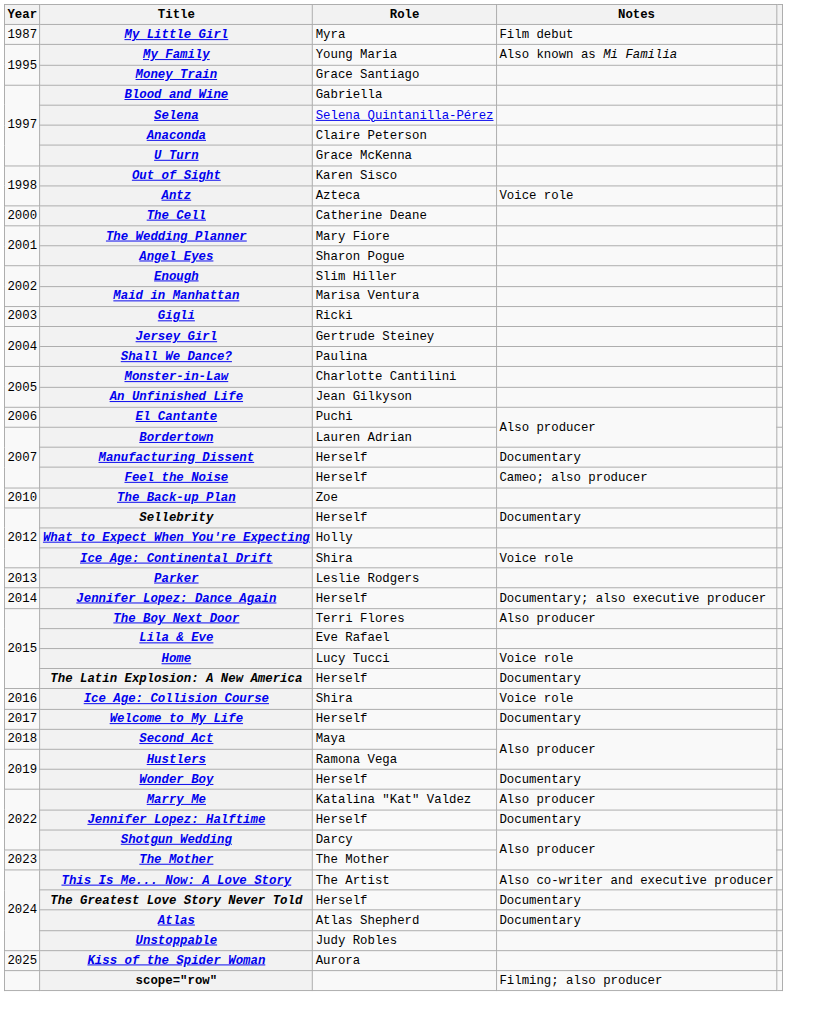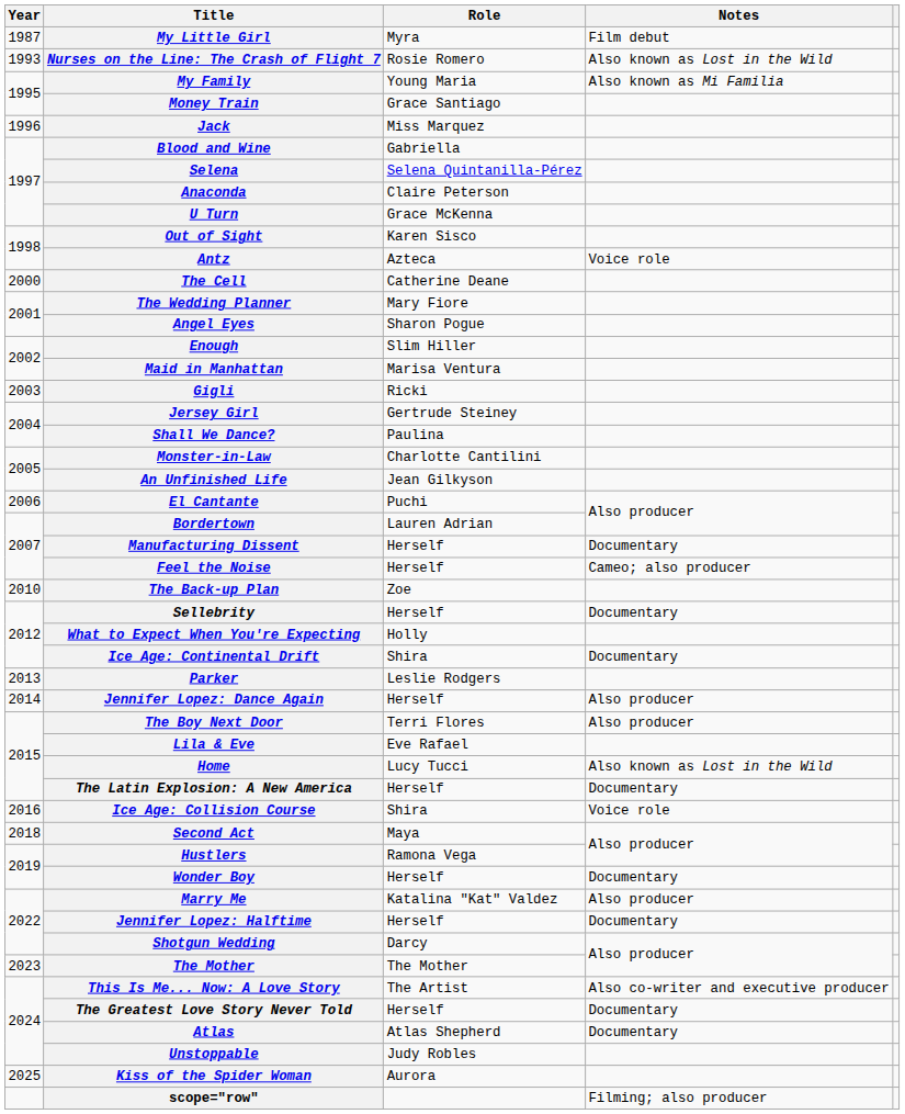 <table class="wikitable plainrowheaders sortable" style="margin-right: 0;">
 <tr>
 <th scope="col">Year</th>
 <th scope="col">Title</th>
 <th scope="col">Role</th>
 <th scope="col" class="unsortable">Notes</th>
 <th scope="col" class="unsortable"></th>
 </tr>
 <tr>
 <td>1987</td>
 <th scope="row"><em><a href='#'>My Little Girl</a></em></th>
 <td>Myra</td>
 <td>Film debut</td>
 <td></td>
 </tr>
 <tr>
+<td>1993</td>
+<th scope="row"><em><a href='#'>Nurses on the Line: The Crash of Flight 7</a></em></th>
+<td>Rosie Romero</td>
+<td>Also known as <em>Lost in the Wild</em></td>
+<td style="text-align: center;"></td>
+</tr>
+<tr>
 <td rowspan=2>1995</td>
 <th scope="row"><em><a href='#'>My Family</a></em></th>
 <td>Young Maria</td>
 <td>Also known as <em>Mi Familia</em></td>
 <td style="text-align: center;"></td>
 </tr>
 <tr>
 <th scope="row"><em><a href='#'>Money Train</a></em></th>
 <td>Grace Santiago</td>
+<td></td>
+<td style="text-align: center;"></td>
+</tr>
+<tr>
+<td>1996</td>
+<th scope="row"><em><a href='#'>Jack</a></em></th>
+<td>Miss Marquez</td>
 <td></td>
 <td style="text-align: center;"></td>
 </tr>
 <tr>
 <td rowspan=4>1997</td>
 <th scope="row"><em><a href='#'>Blood and Wine</a></em></th>
 <td>Gabriella</td>
 <td></td>
 <td style="text-align: center;"></td>
 </tr>
 <tr>
 <th scope="row"><em><a href='#'>Selena</a></em></th>
 <td><a href='#'>Selena Quintanilla-Pérez</a></td>
 <td></td>
 <td style="text-align: center;"></td>
 </tr>
 <tr>
 <th scope="row"><em><a href='#'>Anaconda</a></em></th>
 <td>Claire Peterson</td>
 <td></td>
 <td style="text-align: center;"></td>
 </tr>
 <tr>
 <th scope="row"><em><a href='#'>U Turn</a></em></th>
 <td>Grace McKenna</td>
 <td></td>
 <td style="text-align: center;"></td>
 </tr>
 <tr>
 <td rowspan=2>1998</td>
 <th scope="row"><em><a href='#'>Out of Sight</a></em></th>
 <td>Karen Sisco</td>
 <td></td>
 <td style="text-align: center;"></td>
 </tr>
 <tr>
 <th scope="row"><em><a href='#'>Antz</a></em></th>
 <td>Azteca</td>
 <td>Voice role</td>
 <td style="text-align: center;"></td>
 </tr>
 <tr>
 <td>2000</td>
 <th scope="row"><em><a href='#'>The Cell</a></em></th>
 <td>Catherine Deane</td>
 <td></td>
 <td style="text-align: center;"></td>
 </tr>
 <tr>
 <td rowspan=2>2001</td>
 <th scope="row"><em><a href='#'>The Wedding Planner</a></em></th>
 <td>Mary Fiore</td>
 <td></td>
 <td style="text-align: center;"></td>
 </tr>
 <tr>
 <th scope="row"><em><a href='#'>Angel Eyes</a></em></th>
 <td>Sharon Pogue</td>
 <td></td>
 <td style="text-align: center;"></td>
 </tr>
 <tr>
 <td rowspan=2>2002</td>
 <th scope="row"><em><a href='#'>Enough</a></em></th>
 <td>Slim Hiller</td>
 <td></td>
 <td style="text-align: center;"></td>
 </tr>
 <tr>
 <th scope="row"><em><a href='#'>Maid in Manhattan</a></em></th>
 <td>Marisa Ventura</td>
 <td></td>
 <td style="text-align: center;"></td>
 </tr>
 <tr>
 <td>2003</td>
 <th scope="row"><em><a href='#'>Gigli</a></em></th>
 <td>Ricki</td>
 <td></td>
 <td style="text-align: center;"></td>
 </tr>
 <tr>
 <td rowspan=2>2004</td>
 <th scope="row"><em><a href='#'>Jersey Girl</a></em></th>
 <td>Gertrude Steiney</td>
 <td></td>
 <td style="text-align: center;"></td>
 </tr>
 <tr>
 <th scope="row"><em><a href='#'>Shall We Dance?</a></em></th>
 <td>Paulina</td>
 <td></td>
 <td style="text-align: center;"></td>
 </tr>
 <tr>
 <td rowspan=2>2005</td>
 <th scope="row"><em><a href='#'>Monster-in-Law</a></em></th>
 <td>Charlotte Cantilini</td>
 <td></td>
 <td style="text-align: center;"></td>
 </tr>
 <tr>
 <th scope="row"><em><a href='#'>An Unfinished Life</a></em></th>
 <td>Jean Gilkyson</td>
 <td></td>
 <td style="text-align: center;"></td>
 </tr>
 <tr>
 <td>2006</td>
 <th scope="row"><em><a href='#'>El Cantante</a></em></th>
 <td>Puchi</td>
 <td rowspan="2">Also producer</td>
 <td style="text-align: center;"></td>
 </tr>
 <tr>
 <td rowspan=3>2007</td>
 <th scope="row"><em><a href='#'>Bordertown</a></em></th>
 <td>Lauren Adrian</td>
 <td style="text-align: center;"></td>
 </tr>
 <tr>
 <th scope="row"><em><a href='#'>Manufacturing Dissent</a></em></th>
 <td>Herself</td>
 <td>Documentary</td>
 <td style="text-align: center;"></td>
 </tr>
 <tr>
 <th scope="row"><em><a href='#'>Feel the Noise</a></em></th>
 <td>Herself</td>
 <td>Cameo; also producer</td>
 <td style="text-align: center;"></td>
 </tr>
 <tr>
 <td>2010</td>
 <th scope="row"><em><a href='#'>The Back-up Plan</a></em></th>
 <td>Zoe</td>
 <td></td>
 <td style="text-align: center;"></td>
 </tr>
 <tr>
 <td rowspan=3>2012</td>
 <th scope="row"><em>Sellebrity</em></th>
 <td>Herself</td>
 <td>Documentary</td>
 <td style="text-align: center;"></td>
 </tr>
 <tr>
 <th scope="row"><em><a href='#'>What to Expect When You're Expecting</a></em></th>
 <td>Holly</td>
 <td></td>
 <td style="text-align: center;"></td>
 </tr>
 <tr>
 <th scope="row"><em><a href='#'>Ice Age: Continental Drift</a></em></th>
 <td>Shira</td>
-<td>Voice role</td>
+<td>Documentary</td>
 <td style="text-align: center;"></td>
 </tr>
 <tr>
 <td>2013</td>
 <th scope="row"><em><a href='#'>Parker</a></em></th>
 <td>Leslie Rodgers</td>
 <td></td>
 <td style="text-align: center;"></td>
 </tr>
 <tr>
 <td>2014</td>
 <th scope="row"><em><a href='#'>Jennifer Lopez: Dance Again</a></em></th>
 <td>Herself</td>
-<td>Documentary; also executive producer</td>
+<td>Also producer</td>
 <td style="text-align: center;"></td>
 </tr>
 <tr>
 <td rowspan=4>2015</td>
 <th scope="row"><em><a href='#'>The Boy Next Door</a></em></th>
 <td>Terri Flores</td>
 <td>Also producer</td>
 <td style="text-align: center;"></td>
 </tr>
 <tr>
 <th scope="row"><em><a href='#'>Lila & Eve</a></em></th>
 <td>Eve Rafael</td>
 <td></td>
 <td style="text-align: center;"></td>
 </tr>
 <tr>
 <th scope="row"><em><a href='#'>Home</a></em></th>
 <td>Lucy Tucci</td>
-<td>Voice role</td>
+<td>Also known as <em>Lost in the Wild</em></td>
 <td style="text-align: center;"></td>
 </tr>
 <tr>
 <th scope="row"><em>The Latin Explosion: A New America</em></th>
 <td>Herself</td>
 <td>Documentary</td>
 <td style="text-align: center;"></td>
 </tr>
 <tr>
 <td>2016</td>
 <th scope="row"><em><a href='#'>Ice Age: Collision Course</a></em></th>
 <td>Shira</td>
 <td>Voice role</td>
-<td style="text-align: center;"></td>
-</tr>
-<tr>
-<td>2017</td>
-<th scope="row"><em><a href='#'>Welcome to My Life</a></em></th>
-<td>Herself</td>
-<td>Documentary</td>
 <td style="text-align: center;"></td>
 </tr>
 <tr>
 <td>2018</td>
 <th scope="row"><em><a href='#'>Second Act</a></em></th>
 <td>Maya</td>
 <td rowspan="2">Also producer</td>
 <td style="text-align: center;"></td>
 </tr>
 <tr>
 <td rowspan=2>2019</td>
 <th scope="row"><em><a href='#'>Hustlers</a></em></th>
 <td>Ramona Vega</td>
 <td style="text-align: center;"></td>
 </tr>
 <tr>
 <th scope="row"><em><a href='#'>Wonder Boy</a></em></th>
 <td>Herself</td>
 <td>Documentary</td>
 <td style="text-align: center;"></td>
 </tr>
 <tr>
 <td rowspan=3>2022</td>
 <th scope="row"><em><a href='#'>Marry Me</a></em></th>
 <td>Katalina "Kat" Valdez</td>
 <td>Also producer</td>
 <td style="text-align: center;"></td>
 </tr>
 <tr>
 <th scope="row"><em><a href='#'>Jennifer Lopez: Halftime</a></em></th>
 <td>Herself</td>
 <td>Documentary</td>
 <td style="text-align: center;"></td>
 </tr>
 <tr>
 <th scope="row"><em><a href='#'>Shotgun Wedding</a></em></th>
 <td>Darcy</td>
 <td rowspan="2">Also producer</td>
 <td style="text-align: center;"></td>
 </tr>
 <tr>
 <td>2023</td>
 <th scope="row"><em><a href='#'>The Mother</a></em></th>
 <td>The Mother</td>
 <td style="text-align: center;"></td>
 </tr>
 <tr>
 <td rowspan=4>2024</td>
 <th scope="row"><em><a href='#'>This Is Me... Now: A Love Story</a></em></th>
 <td>The Artist</td>
 <td>Also co-writer and executive producer</td>
 <td style="text-align: center;"></td>
 </tr>
 <tr>
 <th scope="row"><em>The Greatest Love Story Never Told</em></th>
 <td>Herself</td>
 <td>Documentary</td>
 <td style="text-align: center;"></td>
 </tr>
 <tr>
 <th scope="row"><em><a href='#'>Atlas</a></em></th>
 <td>Atlas Shepherd</td>
 <td>Documentary</td>
 <td style="text-align: center;"></td>
 </tr>
 <tr>
 <th scope="row"><em><a href='#'>Unstoppable</a></em></th>
 <td>Judy Robles</td>
 <td></td>
 <td style="text-align: center;"></td>
 </tr>
 <tr>
 <td>2025</td>
 <th scope="row"><em><a href='#'>Kiss of the Spider Woman</a></em></th>
 <td>Aurora</td>
 <td></td>
 <td style="text-align: center;"></td>
 </tr>
 <tr>
 <td></td>
 <th>scope="row" </th>
 <td></td>
 <td>Filming; also producer</td>
 <td style="text-align: center;"></td>
 </tr>
 </table>
